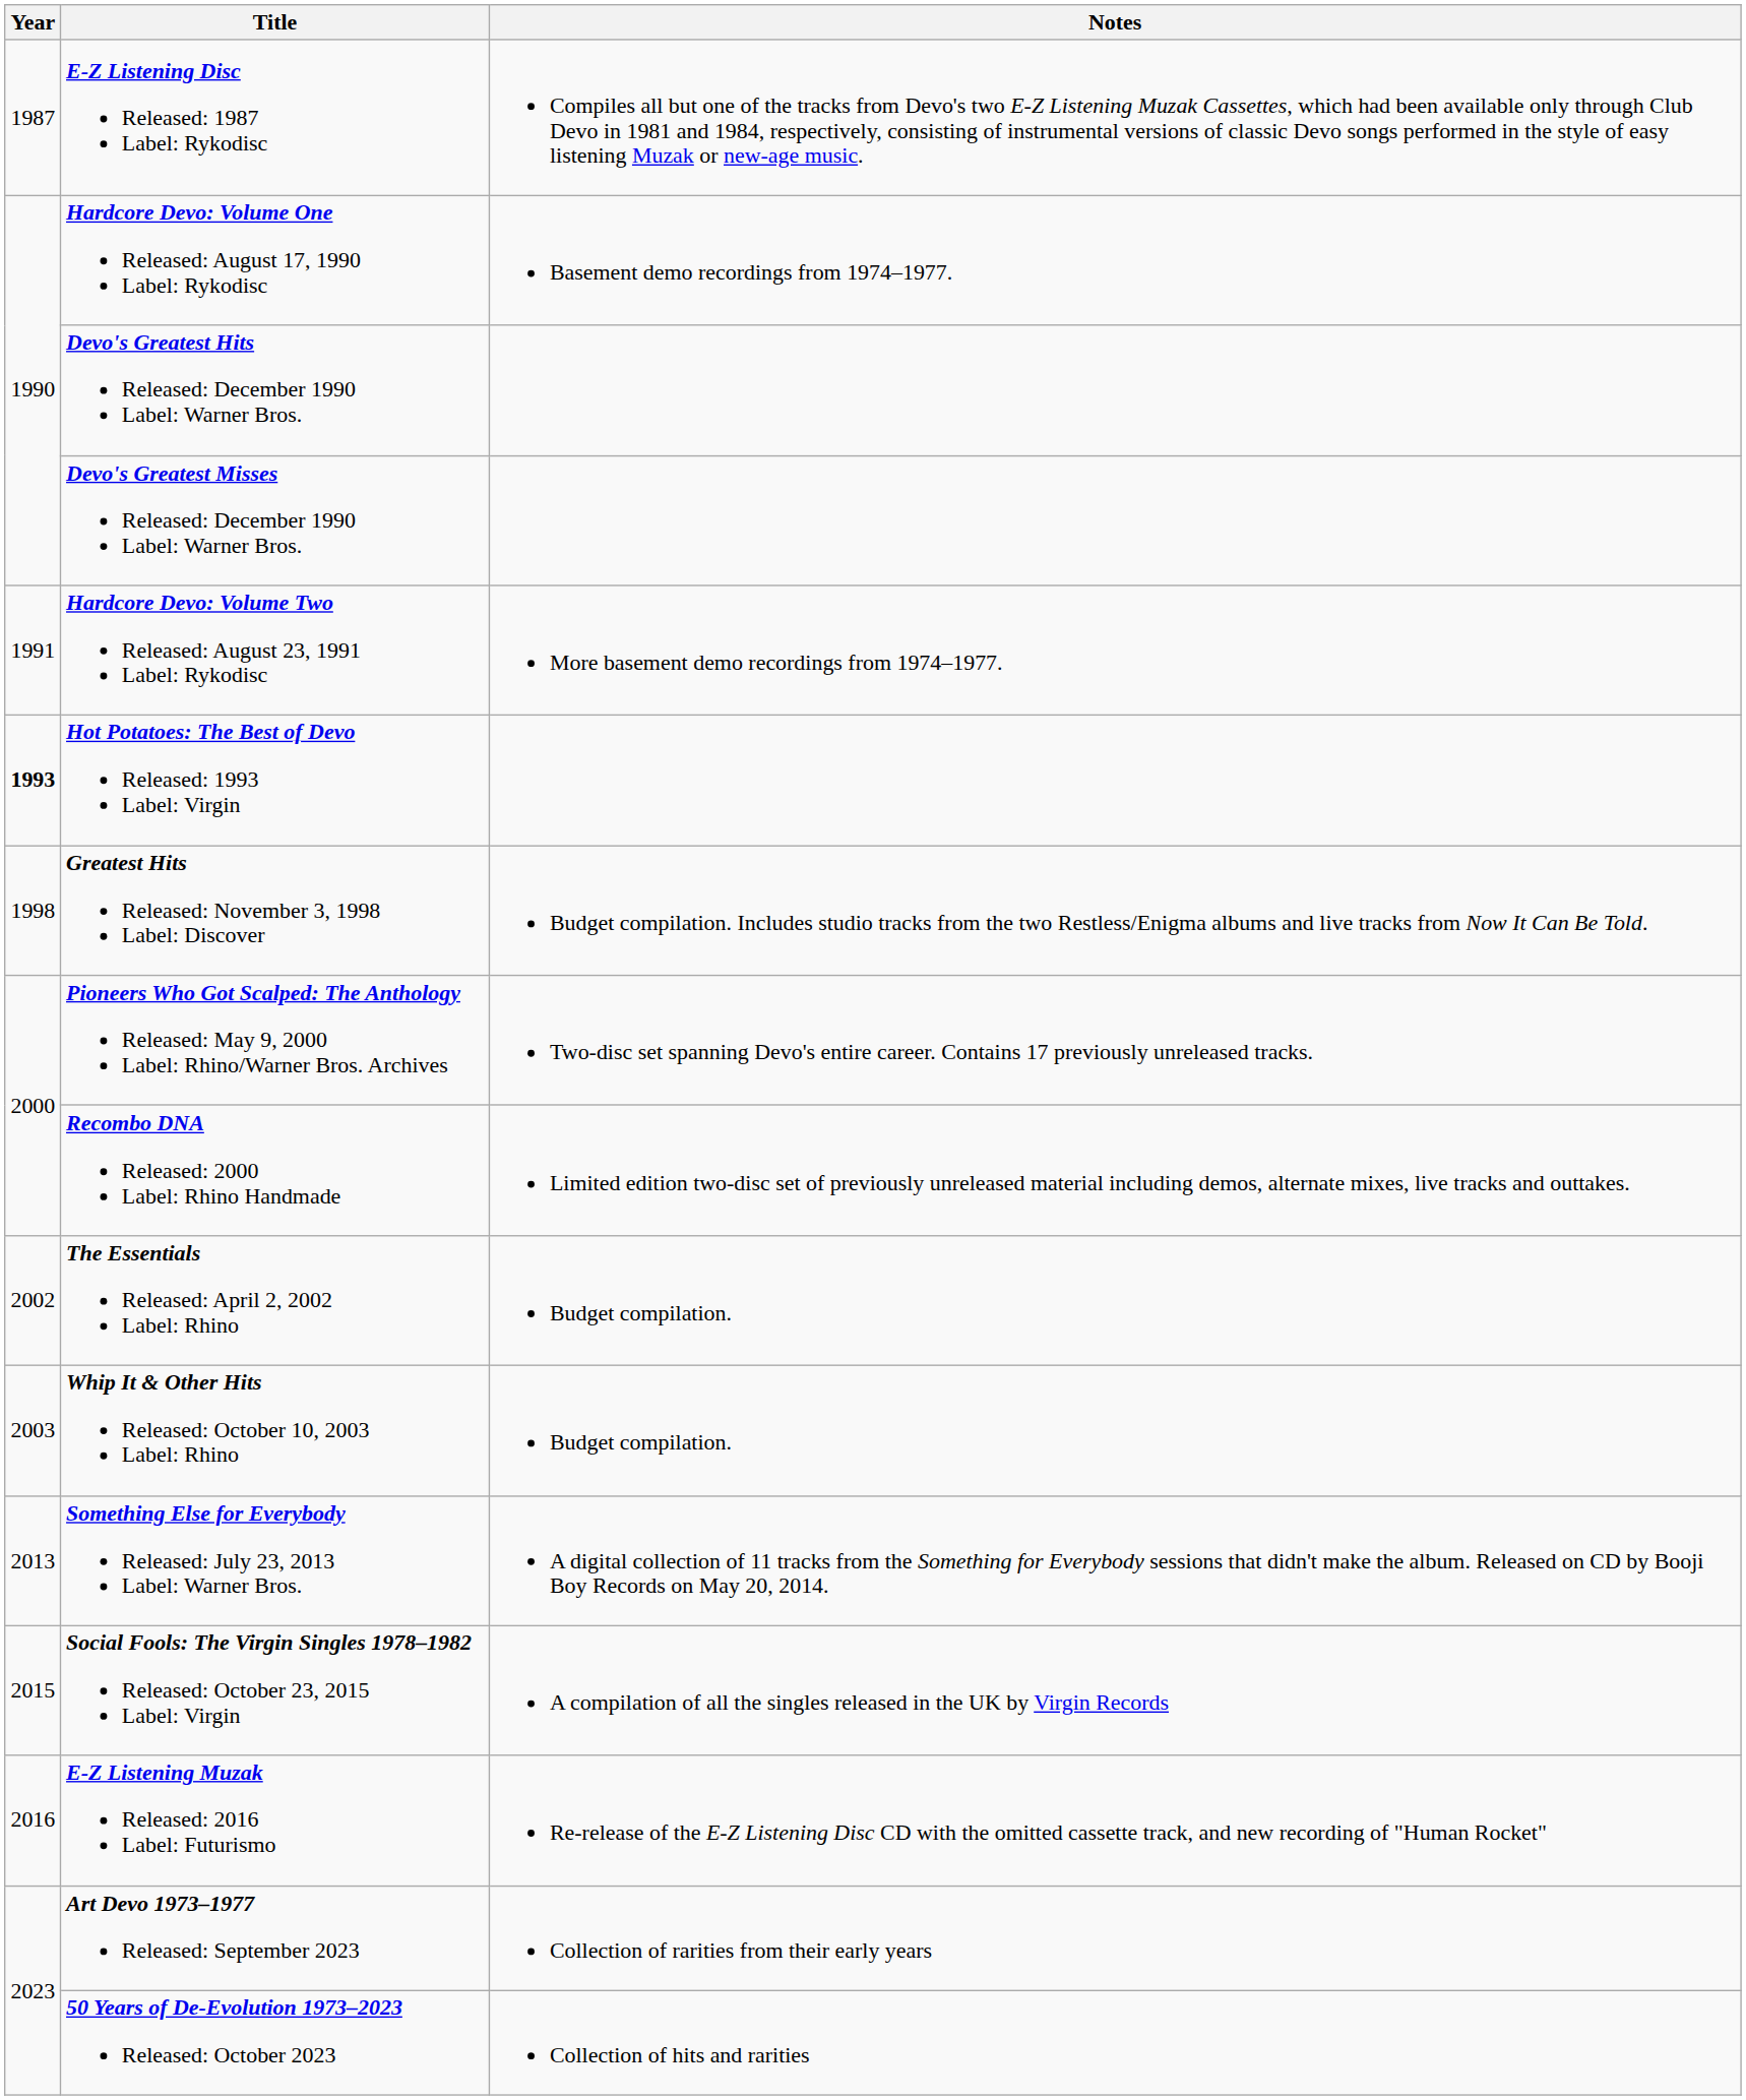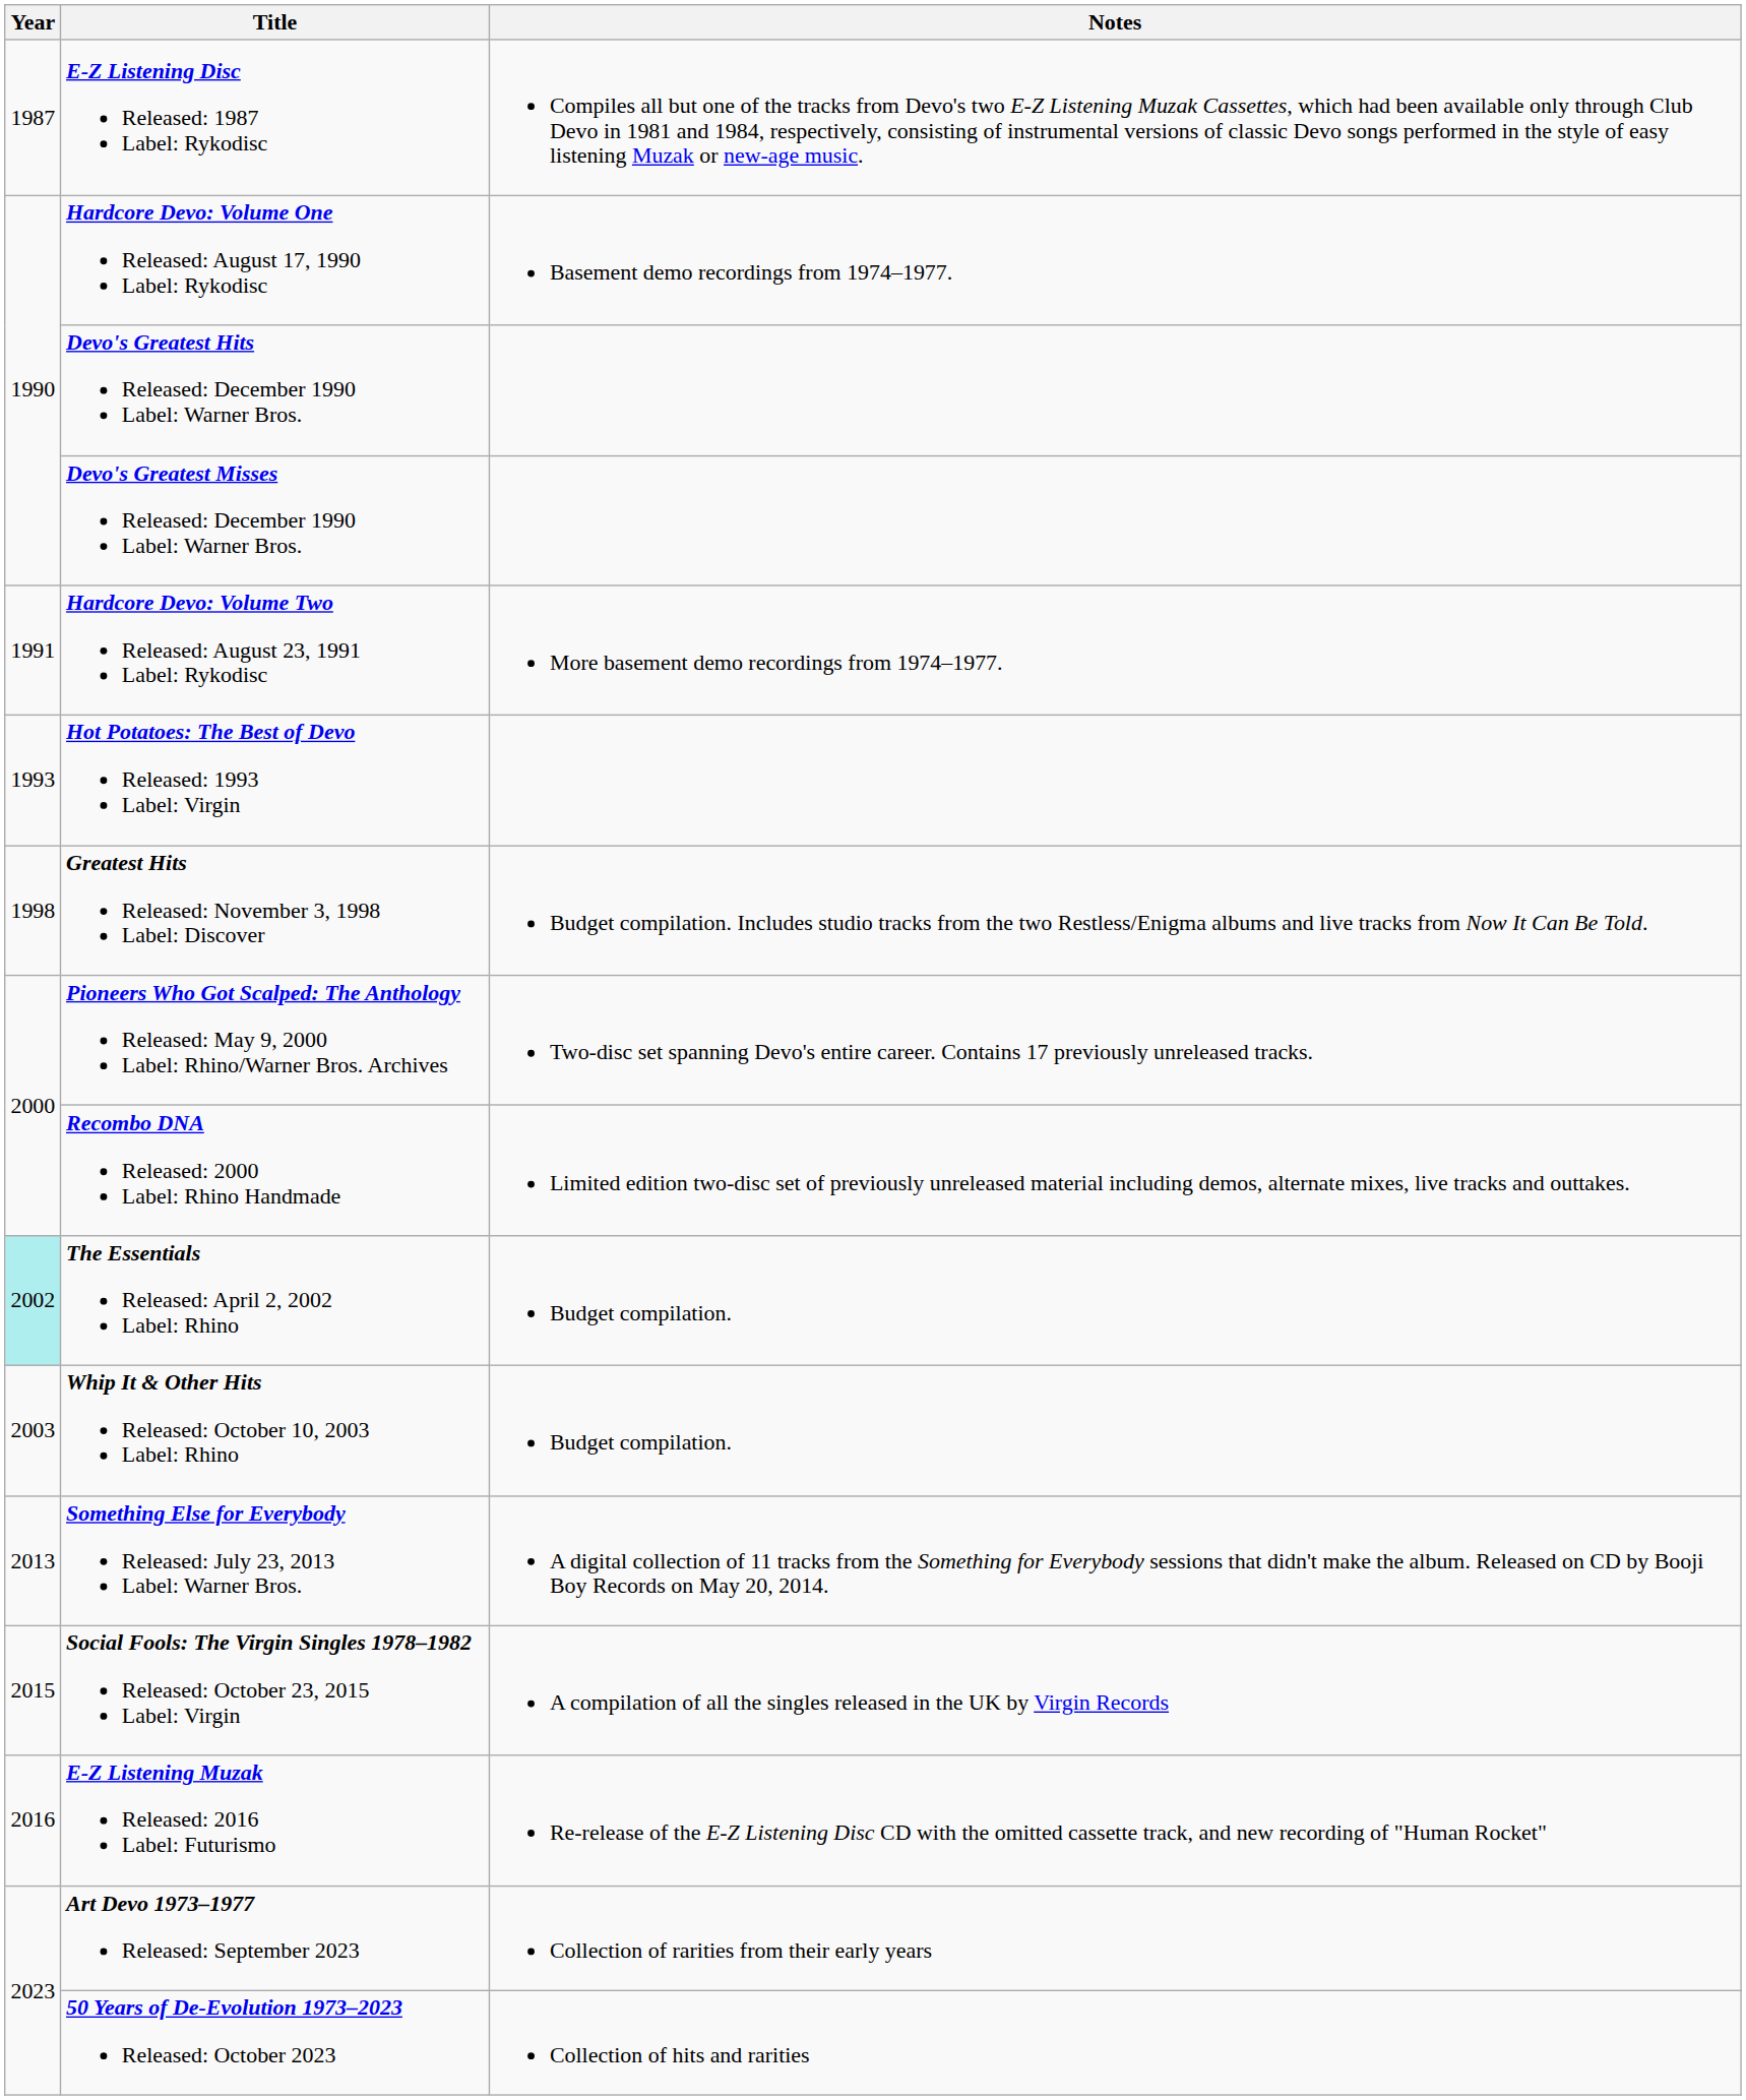 <table class="wikitable">
 <tr>
 <th style="width:33px;">Year</th>
 <th style="width:300px;">Title</th>
 <th>Notes</th>
 </tr>
 <tr>
 <td style="text-align:center;">1987</td>
 <td><strong><em><a href='#'>E-Z Listening Disc</a></em></strong><br><ul><li>Released: 1987</li><li>Label: Rykodisc</li></ul></td>
 <td><br><ul><li>Compiles all but one of the tracks from Devo's two <em>E-Z Listening Muzak Cassettes</em>, which had been available only through Club Devo in 1981 and 1984, respectively, consisting of instrumental versions of classic Devo songs performed in the style of easy listening <a href='#'>Muzak</a> or <a href='#'>new-age music</a>.</li></ul></td>
 </tr>
 <tr>
 <td style="text-align:center;" rowspan="3">1990</td>
 <td><strong><em><a href='#'>Hardcore Devo: Volume One</a></em></strong><br><ul><li>Released: August 17, 1990</li><li>Label: Rykodisc</li></ul></td>
 <td><br><ul><li>Basement demo recordings from 1974–1977.</li></ul></td>
 </tr>
 <tr>
 <td><strong><em><a href='#'>Devo's Greatest Hits</a></em></strong><br><ul><li>Released: December 1990</li><li>Label: Warner Bros.</li></ul></td>
 <td></td>
 </tr>
 <tr>
 <td><strong><em><a href='#'>Devo's Greatest Misses</a></em></strong><br><ul><li>Released: December 1990</li><li>Label: Warner Bros.</li></ul></td>
 <td></td>
 </tr>
 <tr>
 <td style="text-align:center;">1991</td>
 <td><strong><em><a href='#'>Hardcore Devo: Volume Two</a></em></strong><br><ul><li>Released: August 23, 1991</li><li>Label: Rykodisc</li></ul></td>
 <td><br><ul><li>More basement demo recordings from 1974–1977.</li></ul></td>
 </tr>
 <tr>
-<td style="text-align:center;"><strong>1993</strong></td>
+<td style="text-align:center;">1993</td>
 <td><strong><em><a href='#'>Hot Potatoes: The Best of Devo</a></em></strong><br><ul><li>Released: 1993</li><li>Label: Virgin</li></ul></td>
 <td></td>
 </tr>
 <tr>
 <td style="text-align:center;">1998</td>
 <td><strong><em>Greatest Hits</em></strong><br><ul><li>Released: November 3, 1998</li><li>Label: Discover</li></ul></td>
 <td><br><ul><li>Budget compilation. Includes studio tracks from the two Restless/Enigma albums and live tracks from <em>Now It Can Be Told</em>.</li></ul></td>
 </tr>
 <tr>
 <td style="text-align:center;" rowspan="2">2000</td>
 <td><strong><em><a href='#'>Pioneers Who Got Scalped: The Anthology</a></em></strong><br><ul><li>Released: May 9, 2000</li><li>Label: Rhino/Warner Bros. Archives</li></ul></td>
 <td><br><ul><li>Two-disc set spanning Devo's entire career.  Contains 17 previously unreleased tracks.</li></ul></td>
 </tr>
 <tr>
 <td><strong><em><a href='#'>Recombo DNA</a></em></strong><br><ul><li>Released: 2000</li><li>Label: Rhino Handmade</li></ul></td>
 <td><br><ul><li>Limited edition two-disc set of previously unreleased material including demos, alternate mixes, live tracks and outtakes.</li></ul></td>
 </tr>
 <tr>
-<td style="text-align:center;">2002</td>
+<td style="background: paleturquoise; text-align:center;">2002</td>
 <td><strong><em>The Essentials</em></strong><br><ul><li>Released: April 2, 2002</li><li>Label: Rhino</li></ul></td>
 <td><br><ul><li>Budget compilation.</li></ul></td>
 </tr>
 <tr>
 <td style="text-align:center;">2003</td>
 <td><strong><em>Whip It & Other Hits</em></strong><br><ul><li>Released: October 10, 2003</li><li>Label: Rhino</li></ul></td>
 <td><br><ul><li>Budget compilation.</li></ul></td>
 </tr>
 <tr>
 <td style="text-align:center;">2013</td>
 <td><strong><em><a href='#'>Something Else for Everybody</a></em></strong><br><ul><li>Released: July 23, 2013</li><li>Label: Warner Bros.</li></ul></td>
 <td><br><ul><li>A digital collection of 11 tracks from the <em>Something for Everybody</em> sessions that didn't make the album. Released on CD by Booji Boy Records on May 20, 2014.</li></ul></td>
 </tr>
 <tr>
 <td style="text-align:center;">2015</td>
 <td><strong><em>Social Fools: The Virgin Singles 1978–1982</em></strong><br><ul><li>Released: October 23, 2015</li><li>Label: Virgin</li></ul></td>
 <td><br><ul><li>A compilation of all the singles released in the UK by <a href='#'>Virgin Records</a></li></ul></td>
 </tr>
 <tr>
 <td style="text-align:center;">2016</td>
 <td><strong><em><a href='#'>E-Z Listening Muzak</a></em></strong><br><ul><li>Released: 2016</li><li>Label: Futurismo</li></ul></td>
 <td><br><ul><li>Re-release of the <em>E-Z Listening Disc</em> CD with the omitted cassette track, and new recording of "Human Rocket"</li></ul></td>
 </tr>
 <tr>
 <td style="text-align:center;" rowspan="2">2023</td>
 <td><strong><em>Art Devo 1973–1977</em></strong><br><ul><li>Released: September 2023</li></ul></td>
 <td><br><ul><li>Collection of rarities from their early years</li></ul></td>
 </tr>
 <tr>
 <td><strong><em><a href='#'>50 Years of De-Evolution 1973–2023</a></em></strong><br><ul><li>Released: October 2023</li></ul></td>
 <td><br><ul><li>Collection of hits and rarities</li></ul></td>
 </tr>
 </table>
